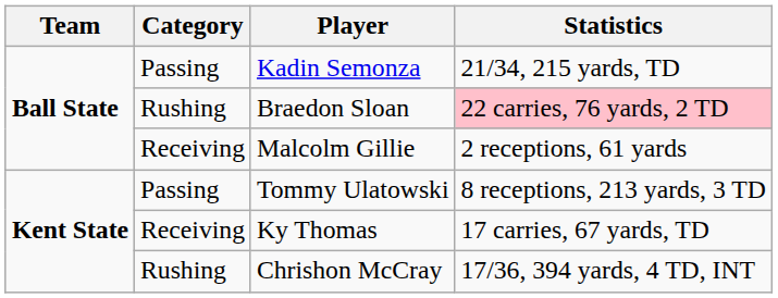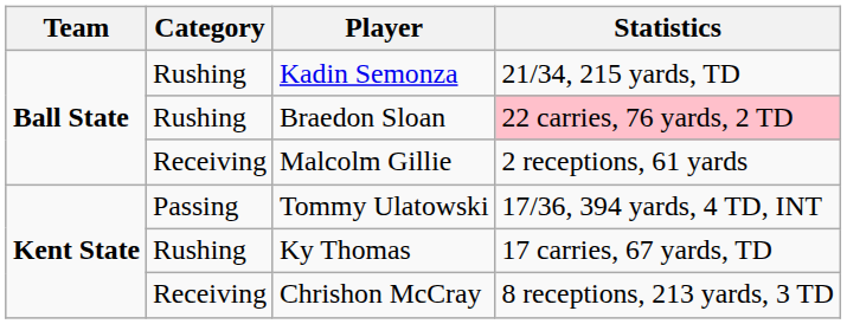 <table class="wikitable" style="float: right;">
 <tr>
 <th>Team</th>
 <th>Category</th>
 <th>Player</th>
 <th>Statistics</th>
 </tr>
 <tr>
 <td rowspan=3><strong>Ball State</strong></td>
-<td>Passing</td>
+<td>Rushing</td>
 <td><a href='#'>Kadin Semonza</a></td>
 <td>21/34, 215 yards, TD</td>
 </tr>
 <tr>
 <td>Rushing</td>
 <td>Braedon Sloan</td>
 <td style="background: pink;">22 carries, 76 yards, 2 TD</td>
 </tr>
 <tr>
 <td>Receiving</td>
 <td>Malcolm Gillie</td>
 <td>2 receptions, 61 yards</td>
 </tr>
 <tr>
 <td rowspan=3><strong>Kent State</strong></td>
 <td>Passing</td>
 <td>Tommy Ulatowski</td>
-<td>8 receptions, 213 yards, 3 TD</td>
+<td>17/36, 394 yards, 4 TD, INT</td>
 </tr>
 <tr>
-<td>Receiving</td>
+<td>Rushing</td>
 <td>Ky Thomas</td>
 <td>17 carries, 67 yards, TD</td>
 </tr>
 <tr>
-<td>Rushing</td>
+<td>Receiving</td>
 <td>Chrishon McCray</td>
-<td>17/36, 394 yards, 4 TD, INT</td>
+<td>8 receptions, 213 yards, 3 TD</td>
 </tr>
 </table>
